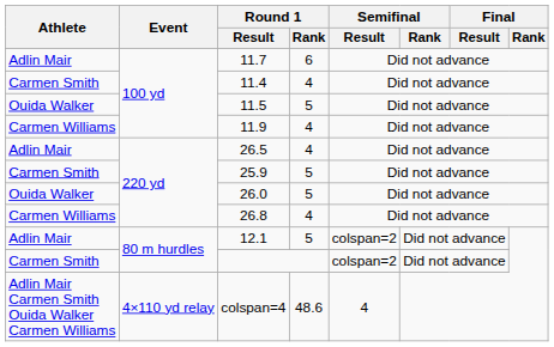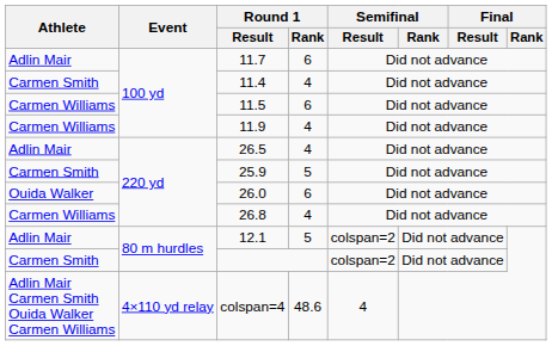 <table class=wikitable style=font-size:90%>
 <tr>
 <th rowspan=2>Athlete</th>
 <th rowspan=2>Event</th>
 <th colspan=2>Round 1</th>
 <th colspan=2>Semifinal</th>
 <th colspan=2>Final</th>
 </tr>
 <tr style=font-size:95%>
 <th>Result</th>
 <th>Rank</th>
 <th>Result</th>
 <th>Rank</th>
 <th>Result</th>
 <th>Rank</th>
 </tr>
 <tr align=center>
 <td align=left><a href='#'>Adlin Mair</a></td>
 <td align=left rowspan=4><a href='#'>100 yd</a></td>
 <td>11.7</td>
 <td>6</td>
 <td colspan=4>Did not advance</td>
 </tr>
 <tr align=center>
 <td align=left><a href='#'>Carmen Smith</a></td>
 <td>11.4</td>
 <td>4</td>
 <td colspan=4>Did not advance</td>
 </tr>
 <tr align=center>
-<td align=left><a href='#'>Ouida Walker</a></td>
+<td align=left><a href='#'>Carmen Williams</a></td>
 <td>11.5</td>
-<td>5</td>
+<td>6</td>
 <td colspan=4>Did not advance</td>
 </tr>
 <tr align=center>
 <td align=left><a href='#'>Carmen Williams</a></td>
 <td>11.9</td>
 <td>4</td>
 <td colspan=4>Did not advance</td>
 </tr>
 <tr align=center>
 <td align=left><a href='#'>Adlin Mair</a></td>
 <td align=left rowspan=4><a href='#'>220 yd</a></td>
 <td>26.5</td>
 <td>4</td>
 <td colspan=4>Did not advance</td>
 </tr>
 <tr align=center>
 <td align=left><a href='#'>Carmen Smith</a></td>
 <td>25.9</td>
 <td>5</td>
 <td colspan=4>Did not advance</td>
 </tr>
 <tr align=center>
 <td align=left><a href='#'>Ouida Walker</a></td>
 <td>26.0</td>
-<td>5</td>
+<td>6</td>
 <td colspan=4>Did not advance</td>
 </tr>
 <tr align=center>
 <td align=left><a href='#'>Carmen Williams</a></td>
 <td>26.8</td>
 <td>4</td>
 <td colspan=4>Did not advance</td>
 </tr>
 <tr align=center>
 <td align=left><a href='#'>Adlin Mair</a></td>
 <td align=left rowspan=2><a href='#'>80 m hurdles</a></td>
 <td>12.1</td>
 <td>5</td>
 <td>colspan=2 </td>
 <td colspan=2>Did not advance</td>
 </tr>
 <tr align=center>
 <td align=left><a href='#'>Carmen Smith</a></td>
 <td colspan=2></td>
 <td>colspan=2 </td>
 <td colspan=2>Did not advance</td>
 </tr>
 <tr align=center>
 <td align=left><a href='#'>Adlin Mair</a><br><a href='#'>Carmen Smith</a><br><a href='#'>Ouida Walker</a><br><a href='#'>Carmen Williams</a></td>
 <td align=left><a href='#'>4×110 yd relay</a></td>
 <td>colspan=4 </td>
 <td>48.6</td>
 <td>4</td>
 </tr>
 </table>
